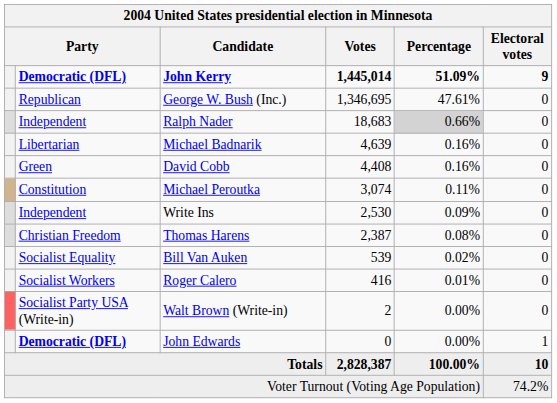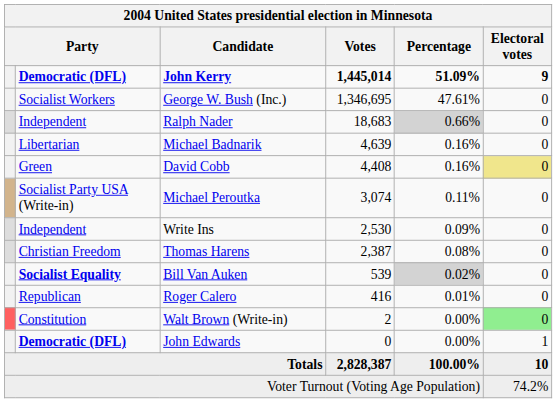 <table class="wikitable" style="font-size: 95%;">
 <tr>
 <th colspan="6">2004 United States presidential election in Minnesota</th>
 </tr>
 <tr>
 <th colspan="2" style="width: 15em">Party</th>
 <th style="width: 17em">Candidate</th>
 <th style="width: 5em">Votes</th>
 <th style="width: 7em">Percentage</th>
 <th style="width: 5em">Electoral votes</th>
 </tr>
 <tr>
 <th style="background-color:"></th>
 <td style="width: 130px"><strong><a href='#'>Democratic (DFL)</a></strong></td>
 <td><strong><a href='#'>John Kerry</a></strong></td>
 <td align="right"><strong>1,445,014</strong></td>
 <td align="right"><strong>51.09%</strong></td>
 <td align="right"><strong>9</strong></td>
 </tr>
 <tr>
 <th style="background-color:"></th>
-<td style="width: 130px"><a href='#'>Republican</a></td>
+<td style="width: 130px"><a href='#'>Socialist Workers</a></td>
 <td><a href='#'>George W. Bush</a> (Inc.)</td>
 <td align="right">1,346,695</td>
 <td align="right">47.61%</td>
 <td align="right">0</td>
 </tr>
 <tr>
 <th style="background-color:#DDDDDD; width: 3px"></th>
 <td style="width: 130px"><a href='#'>Independent</a></td>
 <td><a href='#'>Ralph Nader</a></td>
 <td align="right">18,683</td>
 <td align="right" style="background: lightgrey;">0.66%</td>
 <td align="right">0</td>
 </tr>
 <tr>
 <th style="background-color:"></th>
 <td style="width: 130px"><a href='#'>Libertarian</a></td>
 <td><a href='#'>Michael Badnarik</a></td>
 <td align="right">4,639</td>
 <td align="right">0.16%</td>
 <td align="right">0</td>
 </tr>
 <tr>
 <th style="background-color:"></th>
 <td style="width: 130px"><a href='#'>Green</a></td>
 <td><a href='#'>David Cobb</a></td>
 <td align="right">4,408</td>
 <td align="right">0.16%</td>
-<td align="right">0</td>
+<td align="right" style="background: khaki;">0</td>
 </tr>
 <tr>
 <th style="background-color:#D2B48C; width: 3px"></th>
-<td style="width: 130px"><a href='#'>Constitution</a></td>
+<td style="width: 130px"><a href='#'>Socialist Party USA</a> (Write-in)</td>
 <td><a href='#'>Michael Peroutka</a></td>
 <td align="right">3,074</td>
 <td align="right">0.11%</td>
 <td align="right">0</td>
 </tr>
 <tr>
 <th style="background-color:#DDDDDD; width: 3px"></th>
 <td style="width: 130px"><a href='#'>Independent</a></td>
 <td>Write Ins</td>
 <td align="right">2,530</td>
 <td align="right">0.09%</td>
 <td align="right">0</td>
 </tr>
 <tr>
 <th style="background-color:#DDDDDD; width: 3px"></th>
 <td style="width: 130px"><a href='#'>Christian Freedom</a></td>
 <td><a href='#'>Thomas Harens</a></td>
 <td align="right">2,387</td>
 <td align="right">0.08%</td>
 <td align="right">0</td>
 </tr>
 <tr>
 <th style="background-color:"></th>
-<td style="width: 130px"><a href='#'>Socialist Equality</a></td>
+<td style="width: 130px"><strong><a href='#'>Socialist Equality</a></strong></td>
 <td><a href='#'>Bill Van Auken</a></td>
 <td align="right">539</td>
-<td align="right">0.02%</td>
+<td align="right" style="background: lightgrey;">0.02%</td>
 <td align="right">0</td>
 </tr>
 <tr>
 <th style="background-color:"></th>
-<td style="width: 130px"><a href='#'>Socialist Workers</a></td>
+<td style="width: 130px"><a href='#'>Republican</a></td>
 <td><a href='#'>Roger Calero</a></td>
 <td align="right">416</td>
 <td align="right">0.01%</td>
 <td align="right">0</td>
 </tr>
 <tr>
 <th style="background-color:#FF6060; width: 3px"></th>
-<td style="width: 130px"><a href='#'>Socialist Party USA</a> (Write-in)</td>
+<td style="width: 130px"><a href='#'>Constitution</a></td>
 <td><a href='#'>Walt Brown</a> (Write-in)</td>
 <td align="right">2</td>
 <td align="right">0.00%</td>
-<td align="right">0</td>
+<td align="right" style="background: lightgreen;">0</td>
 </tr>
 <tr>
 <th style="background-color:"></th>
 <td style="width: 130px"><strong><a href='#'>Democratic (DFL)</a></strong></td>
 <td><a href='#'>John Edwards</a></td>
 <td align="right">0</td>
 <td align="right">0.00%</td>
 <td align="right">1</td>
 </tr>
 <tr bgcolor="#EEEEEE">
 <td colspan="3" align="right"><strong>Totals</strong></td>
 <td align="right"><strong>2,828,387</strong></td>
 <td align="right"><strong>100.00%</strong></td>
 <td align="right"><strong>10</strong></td>
 </tr>
 <tr bgcolor="#EEEEEE">
 <td colspan="5" align="right">Voter Turnout (Voting Age Population)</td>
 <td colspan="1" align="right">74.2%</td>
 </tr>
 </table>
